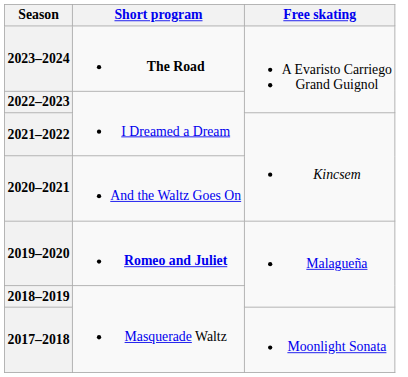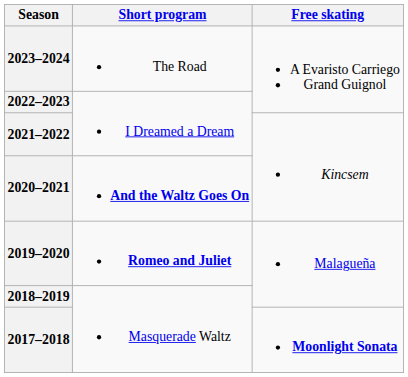 <table class="wikitable" style="text-align:center">
 <tr>
 <th>Season</th>
 <th><a href='#'>Short program</a></th>
 <th><a href='#'>Free skating</a></th>
 </tr>
 <tr>
 <th>2023–2024 <br> </th>
-<td><strong><br><ul><li>The Road <br></li></ul></strong></td>
+<td><br><ul><li>The Road <br></li></ul></td>
 <td rowspan=2><br><ul><li>A Evaristo Carriego<br></li><li>Grand Guignol<br></li></ul></td>
 </tr>
 <tr>
 <th>2022–2023 <br> </th>
 <td rowspan=2><br><ul><li><a href='#'>I Dreamed a Dream</a><br></li></ul></td>
 </tr>
 <tr>
 <th>2021–2022 <br> </th>
 <td rowspan=2><br><ul><li><em>Kincsem</em><br></li></ul></td>
 </tr>
 <tr>
 <th>2020–2021 <br> </th>
-<td><br><ul><li><a href='#'>And the Waltz Goes On</a><br></li></ul></td>
+<td><strong><br><ul><li><a href='#'>And the Waltz Goes On</a><br></li></ul></strong></td>
 </tr>
 <tr>
 <th>2019–2020 <br> </th>
 <td><strong><br><ul><li><a href='#'>Romeo and Juliet</a> <br></li></ul></strong></td>
 <td rowspan=2><br><ul><li><a href='#'>Malagueña</a> <br><br></li></ul></td>
 </tr>
 <tr>
 <th>2018–2019 <br> </th>
 <td rowspan=2><br><ul><li><a href='#'>Masquerade</a> Waltz<br></li></ul></td>
 </tr>
 <tr>
 <th>2017–2018 <br> </th>
-<td><br><ul><li><a href='#'>Moonlight Sonata</a> <br></li></ul></td>
+<td><strong><br><ul><li><a href='#'>Moonlight Sonata</a> <br></li></ul></strong></td>
 </tr>
 </table>
